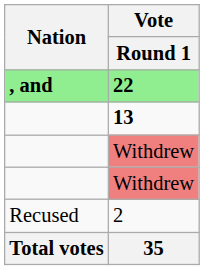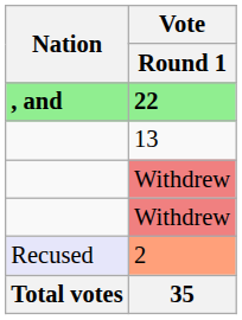 <table class="wikitable"; text-align:center">
 <tr>
 <th rowspan="2">Nation</th>
 <th colspan="2">Vote</th>
 </tr>
 <tr>
 <th>Round 1</th>
 </tr>
 <tr style="background:#90ee90">
 <td align=left><strong>, and </strong></td>
 <td><strong>22</strong></td>
 </tr>
 <tr>
 <td align=left></td>
-<td><strong>13</strong></td>
+<td>13</td>
 </tr>
 <tr>
 <td align=left><s></s></td>
 <td style="background:#f08080">Withdrew</td>
 </tr>
 <tr>
 <td align=left><s></s></td>
 <td style="background:#f08080">Withdrew</td>
 </tr>
 <tr>
-<td align=left>Recused</td>
-<td>2</td>
+<td align=left style="background: lavender;">Recused</td>
+<td style="background: lightsalmon;">2</td>
 </tr>
 <tr>
 <th align=left>Total votes</th>
 <th>35</th>
 </tr>
 </table>
